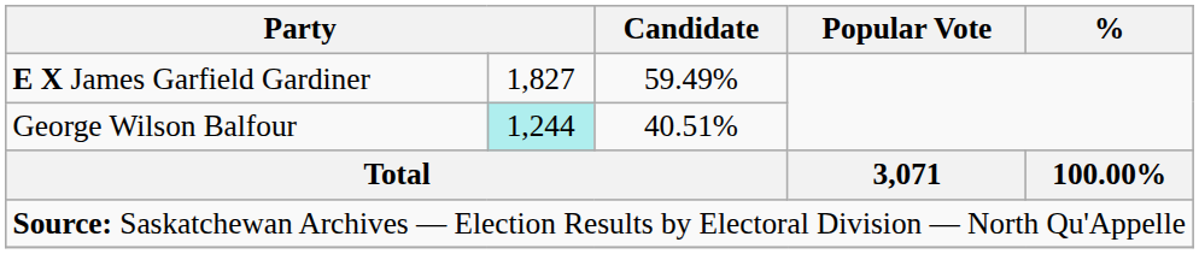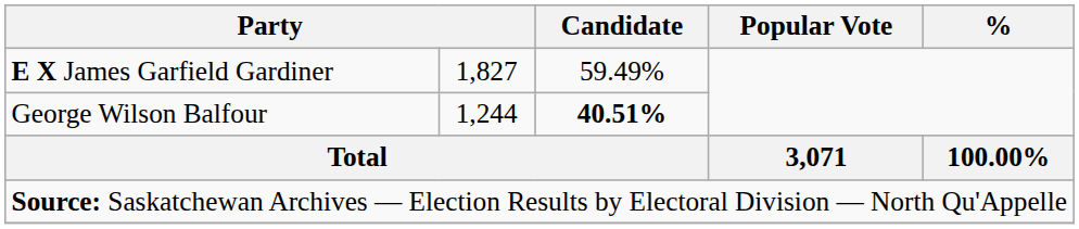 <table class="wikitable">
 <tr>
 <th colspan="2">Party</th>
 <th>Candidate</th>
 <th>Popular Vote</th>
 <th>%</th>
 </tr>
 <tr>
 <td><strong>E</strong> <strong>X</strong> James Garfield Gardiner</td>
 <td align=center>1,827</td>
 <td align=center>59.49%</td>
 </tr>
 <tr>
 <td>George Wilson Balfour</td>
-<td align=center style="background: paleturquoise;">1,244</td>
-<td align=center>40.51%</td>
+<td align=center>1,244</td>
+<td align=center><strong>40.51%</strong></td>
 </tr>
 <tr>
 <th colspan=3>Total</th>
 <th>3,071</th>
 <th>100.00%</th>
 </tr>
 <tr>
 <td align="center" colspan=5><strong>Source:</strong> Saskatchewan Archives — Election Results by Electoral Division — North Qu'Appelle</td>
 </tr>
 <tr>
 </tr>
 </table>
